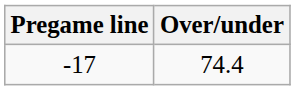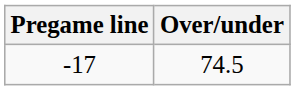 <table class="wikitable" style="margin-left: auto; margin-right: auto; border: none; display: inline-table;">
 <tr align="center">
 <th style=>Pregame line</th>
 <th style=>Over/under</th>
 </tr>
 <tr align="center">
 <td>-17</td>
-<td>74.4</td>
+<td>74.5</td>
 </tr>
 </table>
